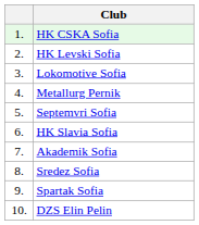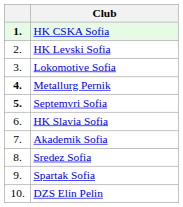 <table class="wikitable">
 <tr>
 <th width="30"></th>
 <th width="200">Club</th>
 </tr>
 <tr bgcolor="#e6fae6" align="center">
-<td>1.</td>
+<td><strong>1.</strong></td>
 <td align="left"><a href='#'>HK CSKA Sofia</a></td>
 </tr>
 <tr bgcolor="#FFFFFF" align="center">
 <td>2.</td>
 <td align="left"><a href='#'>HK Levski Sofia</a></td>
 </tr>
 <tr bgcolor="#FFFFFF" align="center">
 <td>3.</td>
 <td align="left"><a href='#'>Lokomotive Sofia</a></td>
 </tr>
 <tr bgcolor="#FFFFFF" align="center">
-<td>4.</td>
+<td><strong>4.</strong></td>
 <td align="left"><a href='#'>Metallurg Pernik</a></td>
 </tr>
 <tr bgcolor="#FFFFFF" align="center">
-<td>5.</td>
+<td><strong>5.</strong></td>
 <td align="left"><a href='#'>Septemvri Sofia</a></td>
 </tr>
 <tr bgcolor="#FFFFFF" align="center">
 <td>6.</td>
 <td align="left"><a href='#'>HK Slavia Sofia</a></td>
 </tr>
 <tr bgcolor="#FFFFFF" align="center">
 <td>7.</td>
 <td align="left"><a href='#'>Akademik Sofia</a></td>
 </tr>
 <tr bgcolor="#FFFFFF" align="center">
 <td>8.</td>
 <td align="left"><a href='#'>Sredez Sofia</a></td>
 </tr>
 <tr bgcolor="#FFFFFF" align="center">
 <td>9.</td>
 <td align="left"><a href='#'>Spartak Sofia</a></td>
 </tr>
 <tr bgcolor="#FFFFFF" align="center">
 <td>10.</td>
 <td align="left"><a href='#'>DZS Elin Pelin</a></td>
 </tr>
 </table>
